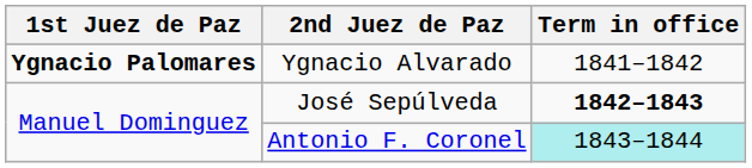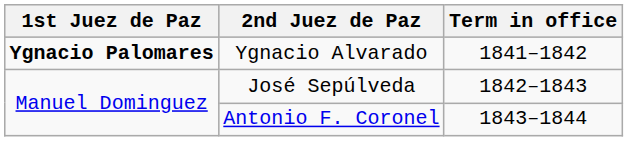 <table class="wikitable" style="text-align: center;">
 <tr>
 <th>1st Juez de Paz</th>
 <th>2nd Juez de Paz</th>
 <th>Term in office</th>
 </tr>
 <tr>
 <td><strong>Ygnacio Palomares</strong></td>
 <td>Ygnacio Alvarado</td>
 <td>1841–1842</td>
 </tr>
 <tr>
 <td rowspan=2><a href='#'>Manuel Dominguez</a></td>
 <td>José Sepúlveda</td>
-<td><strong>1842–1843</strong></td>
+<td>1842–1843</td>
 </tr>
 <tr>
 <td><a href='#'>Antonio F. Coronel</a></td>
-<td style="background: paleturquoise;">1843–1844</td>
+<td>1843–1844</td>
 </tr>
 </table>
